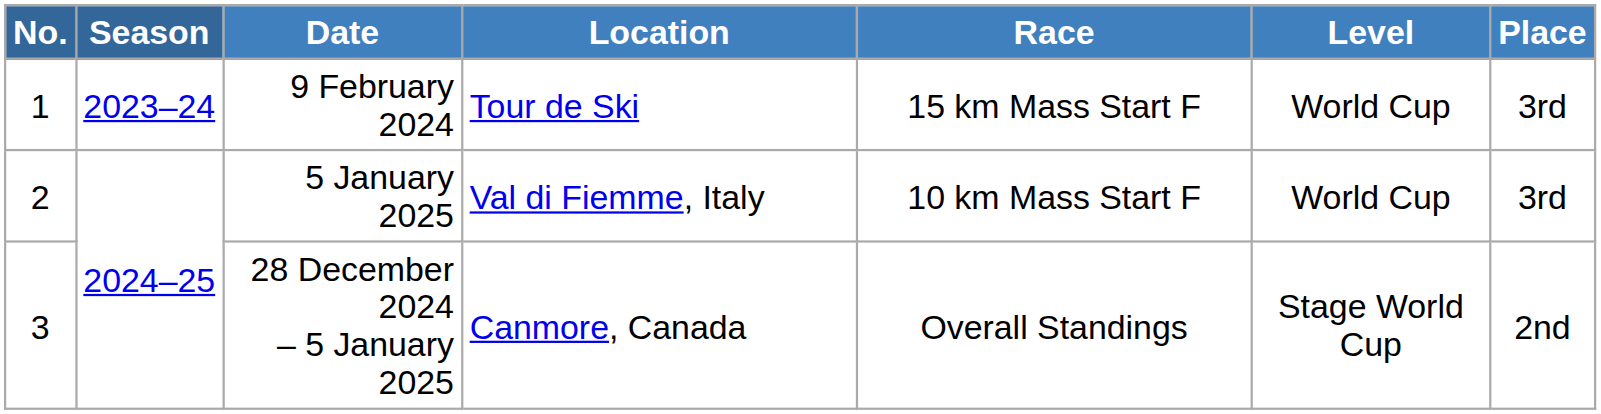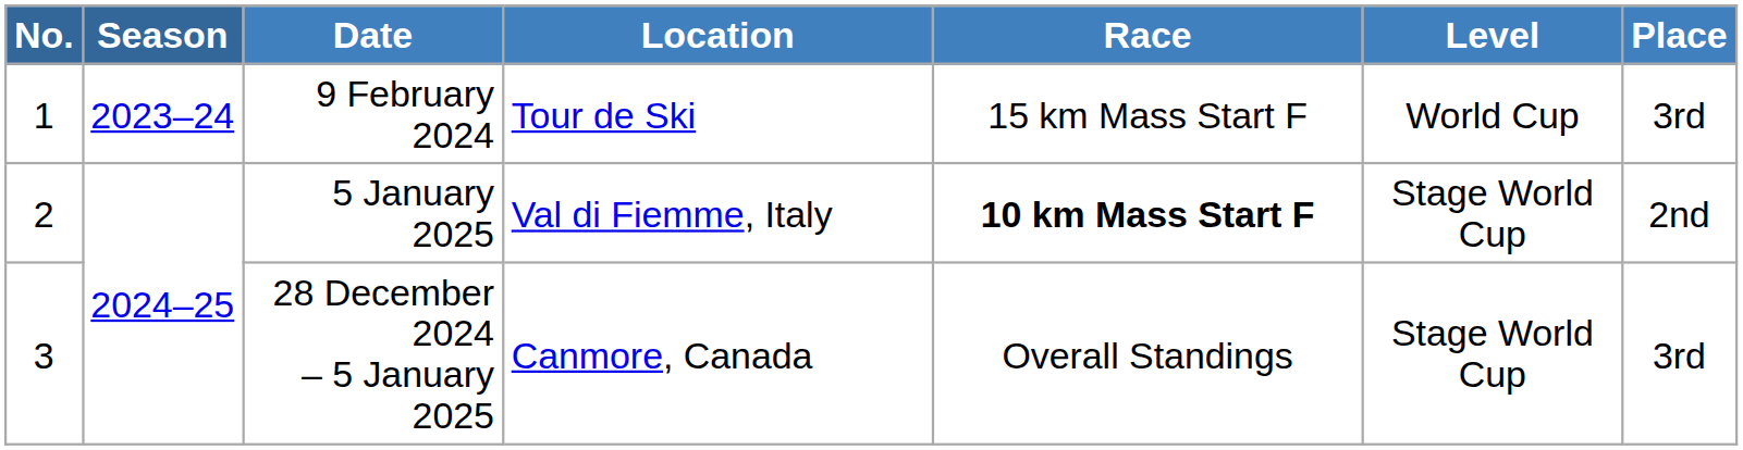 <table class="wikitable sortable" style="font-size:95%; text-align:center; border:grey solid 1px; border-collapse:collapse; background:#ffffff;">
 <tr style="background:#efefef;">
 <th style="background-color:#369; color:white;">No.</th>
 <th style="background-color:#369; color:white;">Season</th>
 <th style="background-color:#4180be; color:white; width:100px;">Date</th>
 <th style="background-color:#4180be; color:white; width:170px;">Location</th>
 <th style="background-color:#4180be; color:white; width:170px;">Race</th>
 <th style="background-color:#4180be; color:white; width:100px;">Level</th>
 <th style="background-color:#4180be; color:white;">Place</th>
 </tr>
 <tr>
 <td align=center>1</td>
 <td rowspan=1 align=center><a href='#'>2023–24</a></td>
 <td align=right>9 February 2024</td>
 <td align=left> <a href='#'>Tour de Ski</a></td>
 <td>15 km Mass Start F</td>
 <td>World Cup</td>
 <td>3rd</td>
 </tr>
 <tr>
 <td align=center>2</td>
 <td rowspan=2 align=center><a href='#'>2024–25</a></td>
 <td align=right>5 January 2025</td>
 <td align=left> <a href='#'>Val di Fiemme</a>, Italy</td>
-<td>10 km Mass Start F</td>
-<td>World Cup</td>
-<td>3rd</td>
+<td><strong>10 km Mass Start F</strong></td>
+<td>Stage World Cup</td>
+<td>2nd</td>
 </tr>
 <tr>
 <td align=center>3</td>
 <td align=right>28 December 2024<br>– 5 January 2025</td>
 <td align=left> <a href='#'>Canmore</a>, Canada</td>
 <td>Overall Standings</td>
 <td>Stage World Cup</td>
-<td>2nd</td>
+<td>3rd</td>
 </tr>
 </table>
